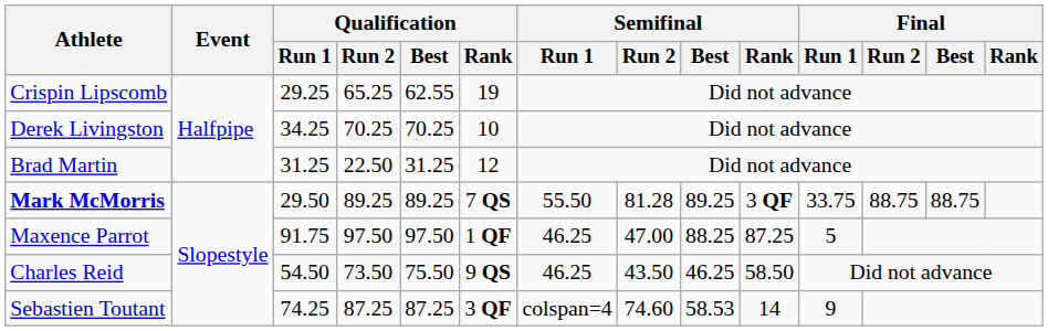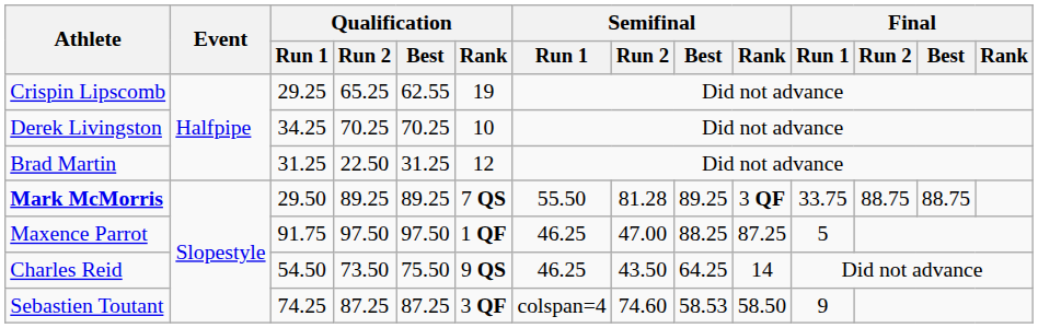 <table class="wikitable" style="font-size:90%">
 <tr>
 <th rowspan="2">Athlete</th>
 <th rowspan="2">Event</th>
 <th colspan="4">Qualification</th>
 <th colspan="4">Semifinal</th>
 <th colspan="4">Final</th>
 </tr>
 <tr style="font-size:95%">
 <th>Run 1</th>
 <th>Run 2</th>
 <th>Best</th>
 <th>Rank</th>
 <th>Run 1</th>
 <th>Run 2</th>
 <th>Best</th>
 <th>Rank</th>
 <th>Run 1</th>
 <th>Run 2</th>
 <th>Best</th>
 <th>Rank</th>
 </tr>
 <tr align=center>
 <td align=left><a href='#'>Crispin Lipscomb</a></td>
 <td align=left rowspan="3"><a href='#'>Halfpipe</a></td>
 <td>29.25</td>
 <td>65.25</td>
 <td>62.55</td>
 <td>19</td>
 <td colspan=8>Did not advance</td>
 </tr>
 <tr align=center>
 <td align=left><a href='#'>Derek Livingston</a></td>
 <td>34.25</td>
 <td>70.25</td>
 <td>70.25</td>
 <td>10</td>
 <td colspan=8>Did not advance</td>
 </tr>
 <tr align=center>
 <td align=left><a href='#'>Brad Martin</a></td>
 <td>31.25</td>
 <td>22.50</td>
 <td>31.25</td>
 <td>12</td>
 <td colspan=8>Did not advance</td>
 </tr>
 <tr align=center>
 <td align=left><strong><a href='#'>Mark McMorris</a></strong></td>
 <td align=left rowspan="4"><a href='#'>Slopestyle</a></td>
 <td>29.50</td>
 <td>89.25</td>
 <td>89.25</td>
 <td>7 <strong>QS</strong></td>
 <td>55.50</td>
 <td>81.28</td>
 <td>89.25</td>
 <td>3 <strong>QF</strong></td>
 <td>33.75</td>
 <td>88.75</td>
 <td>88.75</td>
 <td></td>
 </tr>
 <tr align=center>
 <td align=left><a href='#'>Maxence Parrot</a></td>
 <td>91.75</td>
 <td>97.50</td>
 <td>97.50</td>
 <td>1 <strong>QF</strong></td>
 <td>46.25</td>
 <td>47.00</td>
 <td>88.25</td>
 <td>87.25</td>
 <td>5</td>
 </tr>
 <tr align=center>
 <td align=left><a href='#'>Charles Reid</a></td>
 <td>54.50</td>
 <td>73.50</td>
 <td>75.50</td>
 <td>9 <strong>QS</strong></td>
 <td>46.25</td>
 <td>43.50</td>
-<td>46.25</td>
-<td>58.50</td>
+<td>64.25</td>
+<td>14</td>
 <td colspan=4>Did not advance</td>
 </tr>
 <tr align=center>
 <td align=left><a href='#'>Sebastien Toutant</a></td>
 <td>74.25</td>
 <td>87.25</td>
 <td>87.25</td>
 <td>3 <strong>QF</strong></td>
 <td>colspan=4 </td>
 <td>74.60</td>
 <td>58.53</td>
-<td>14</td>
+<td>58.50</td>
 <td>9</td>
 </tr>
 </table>
